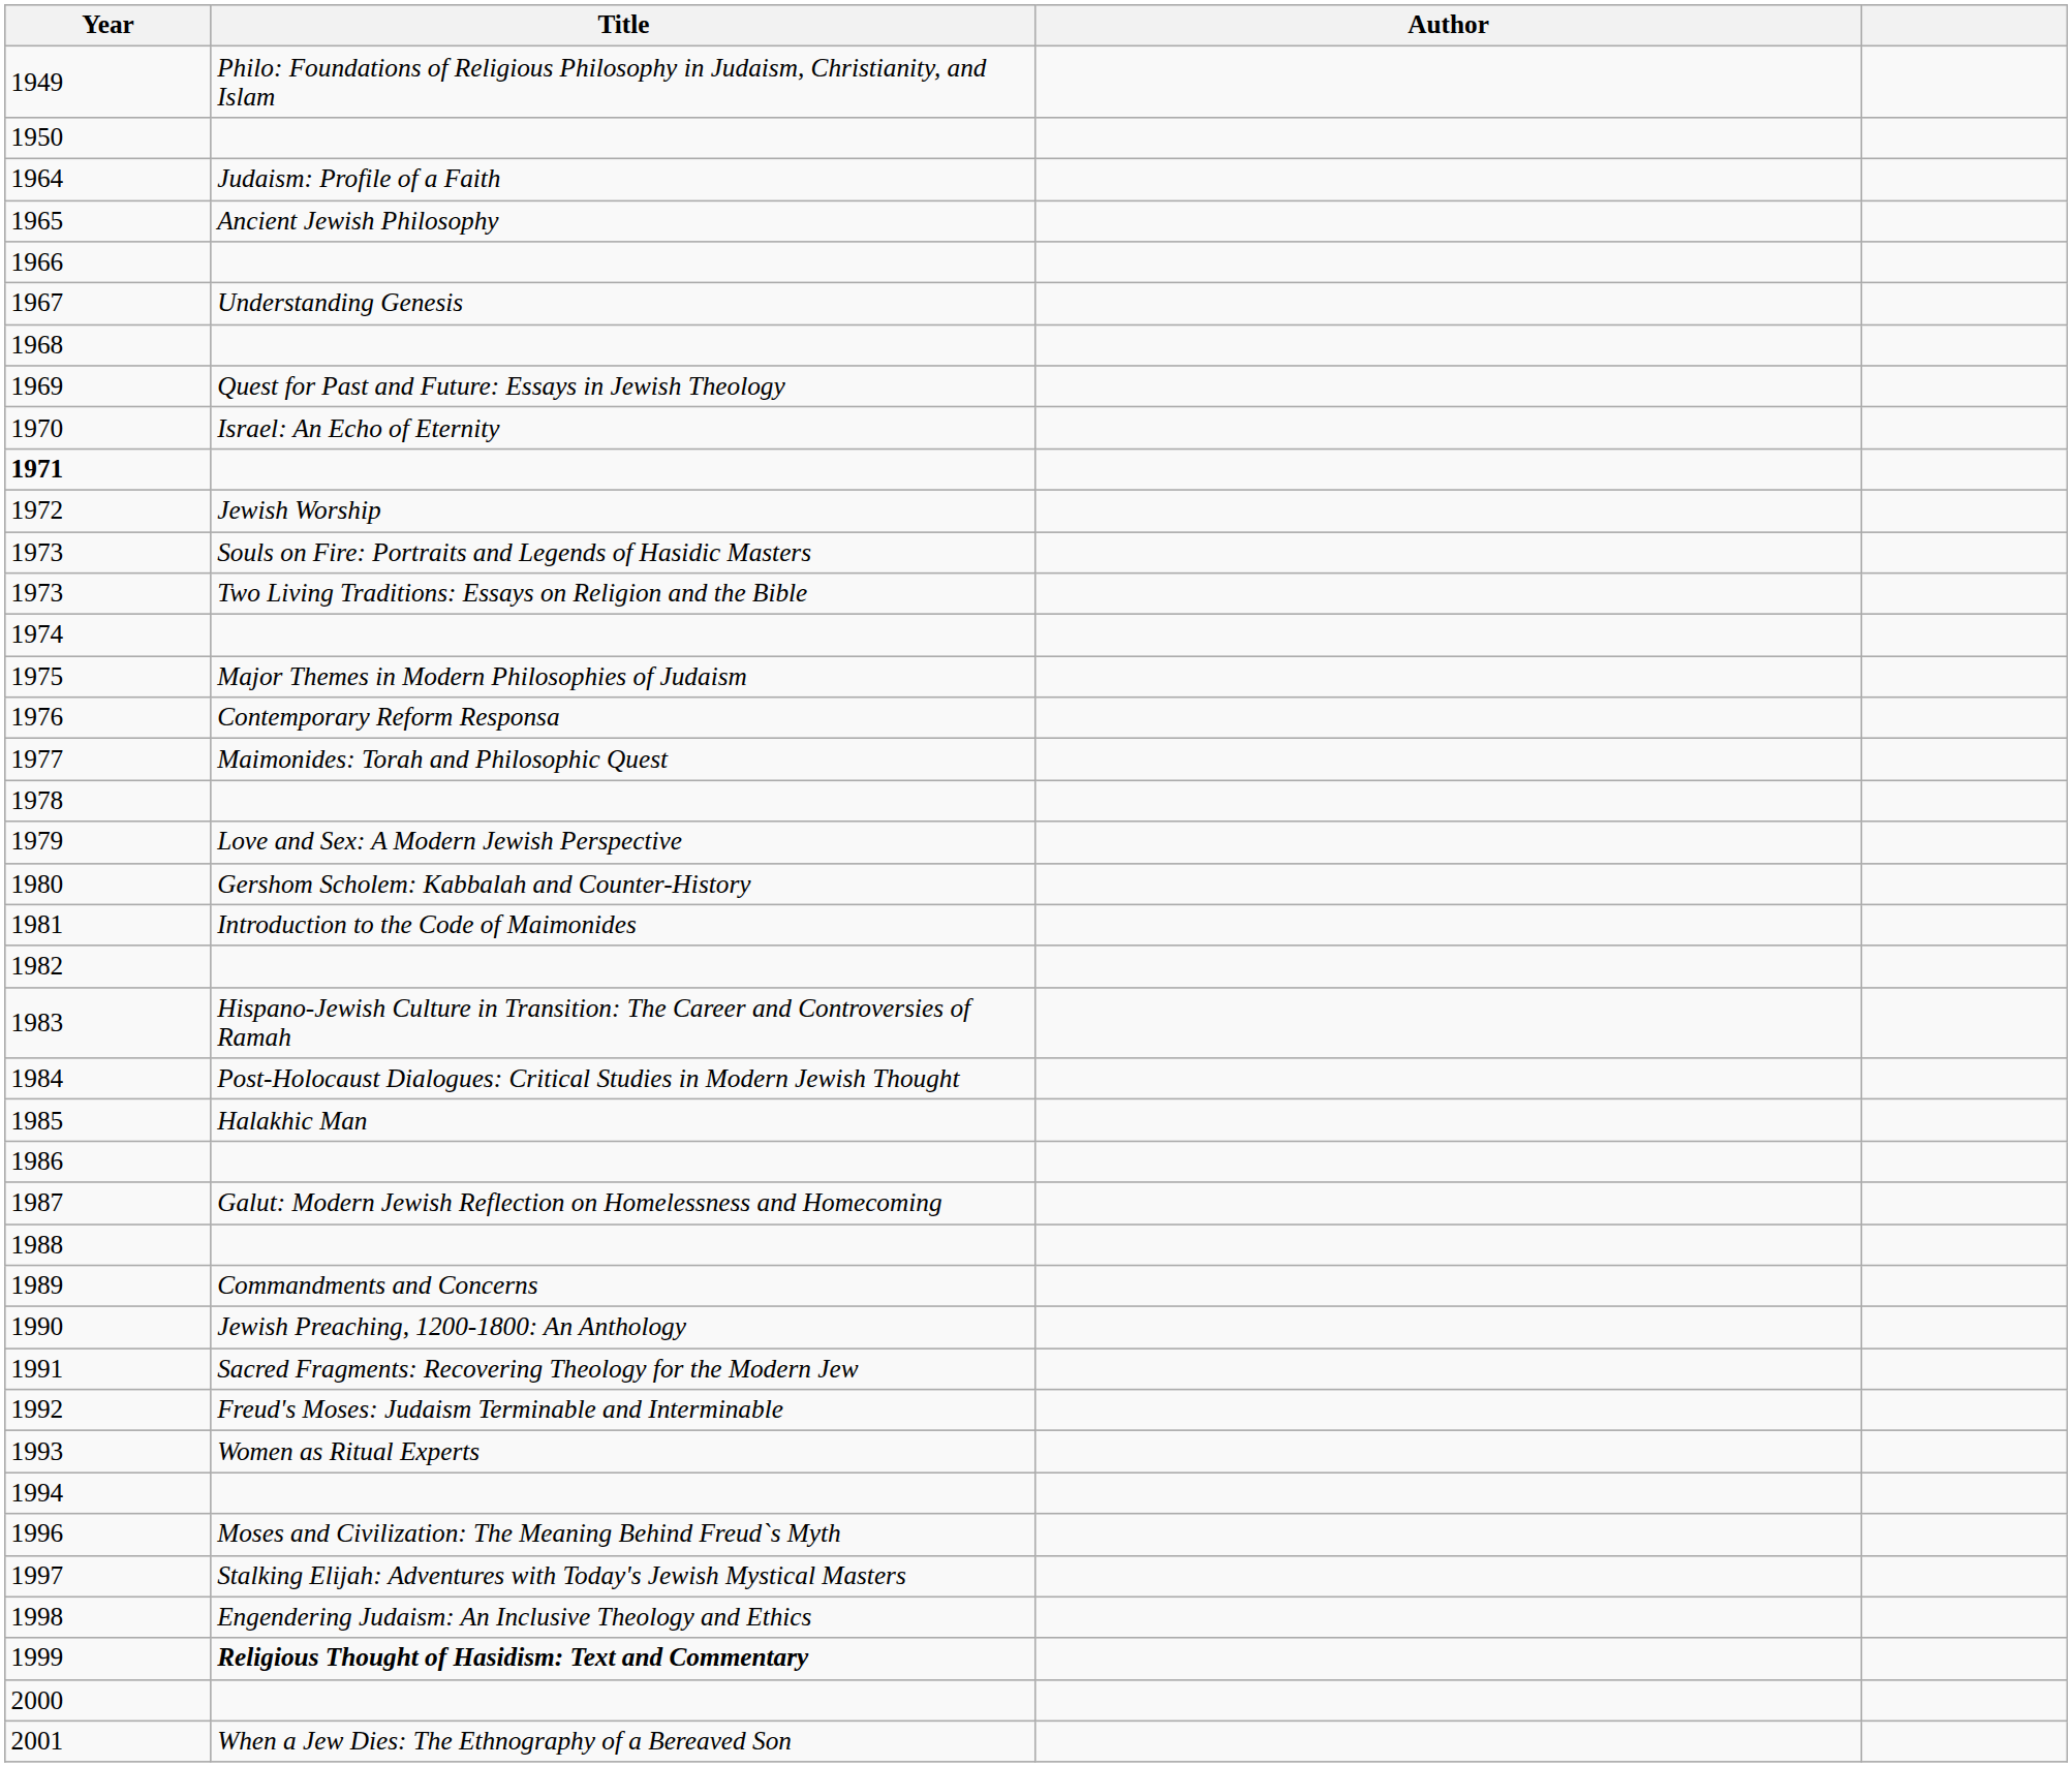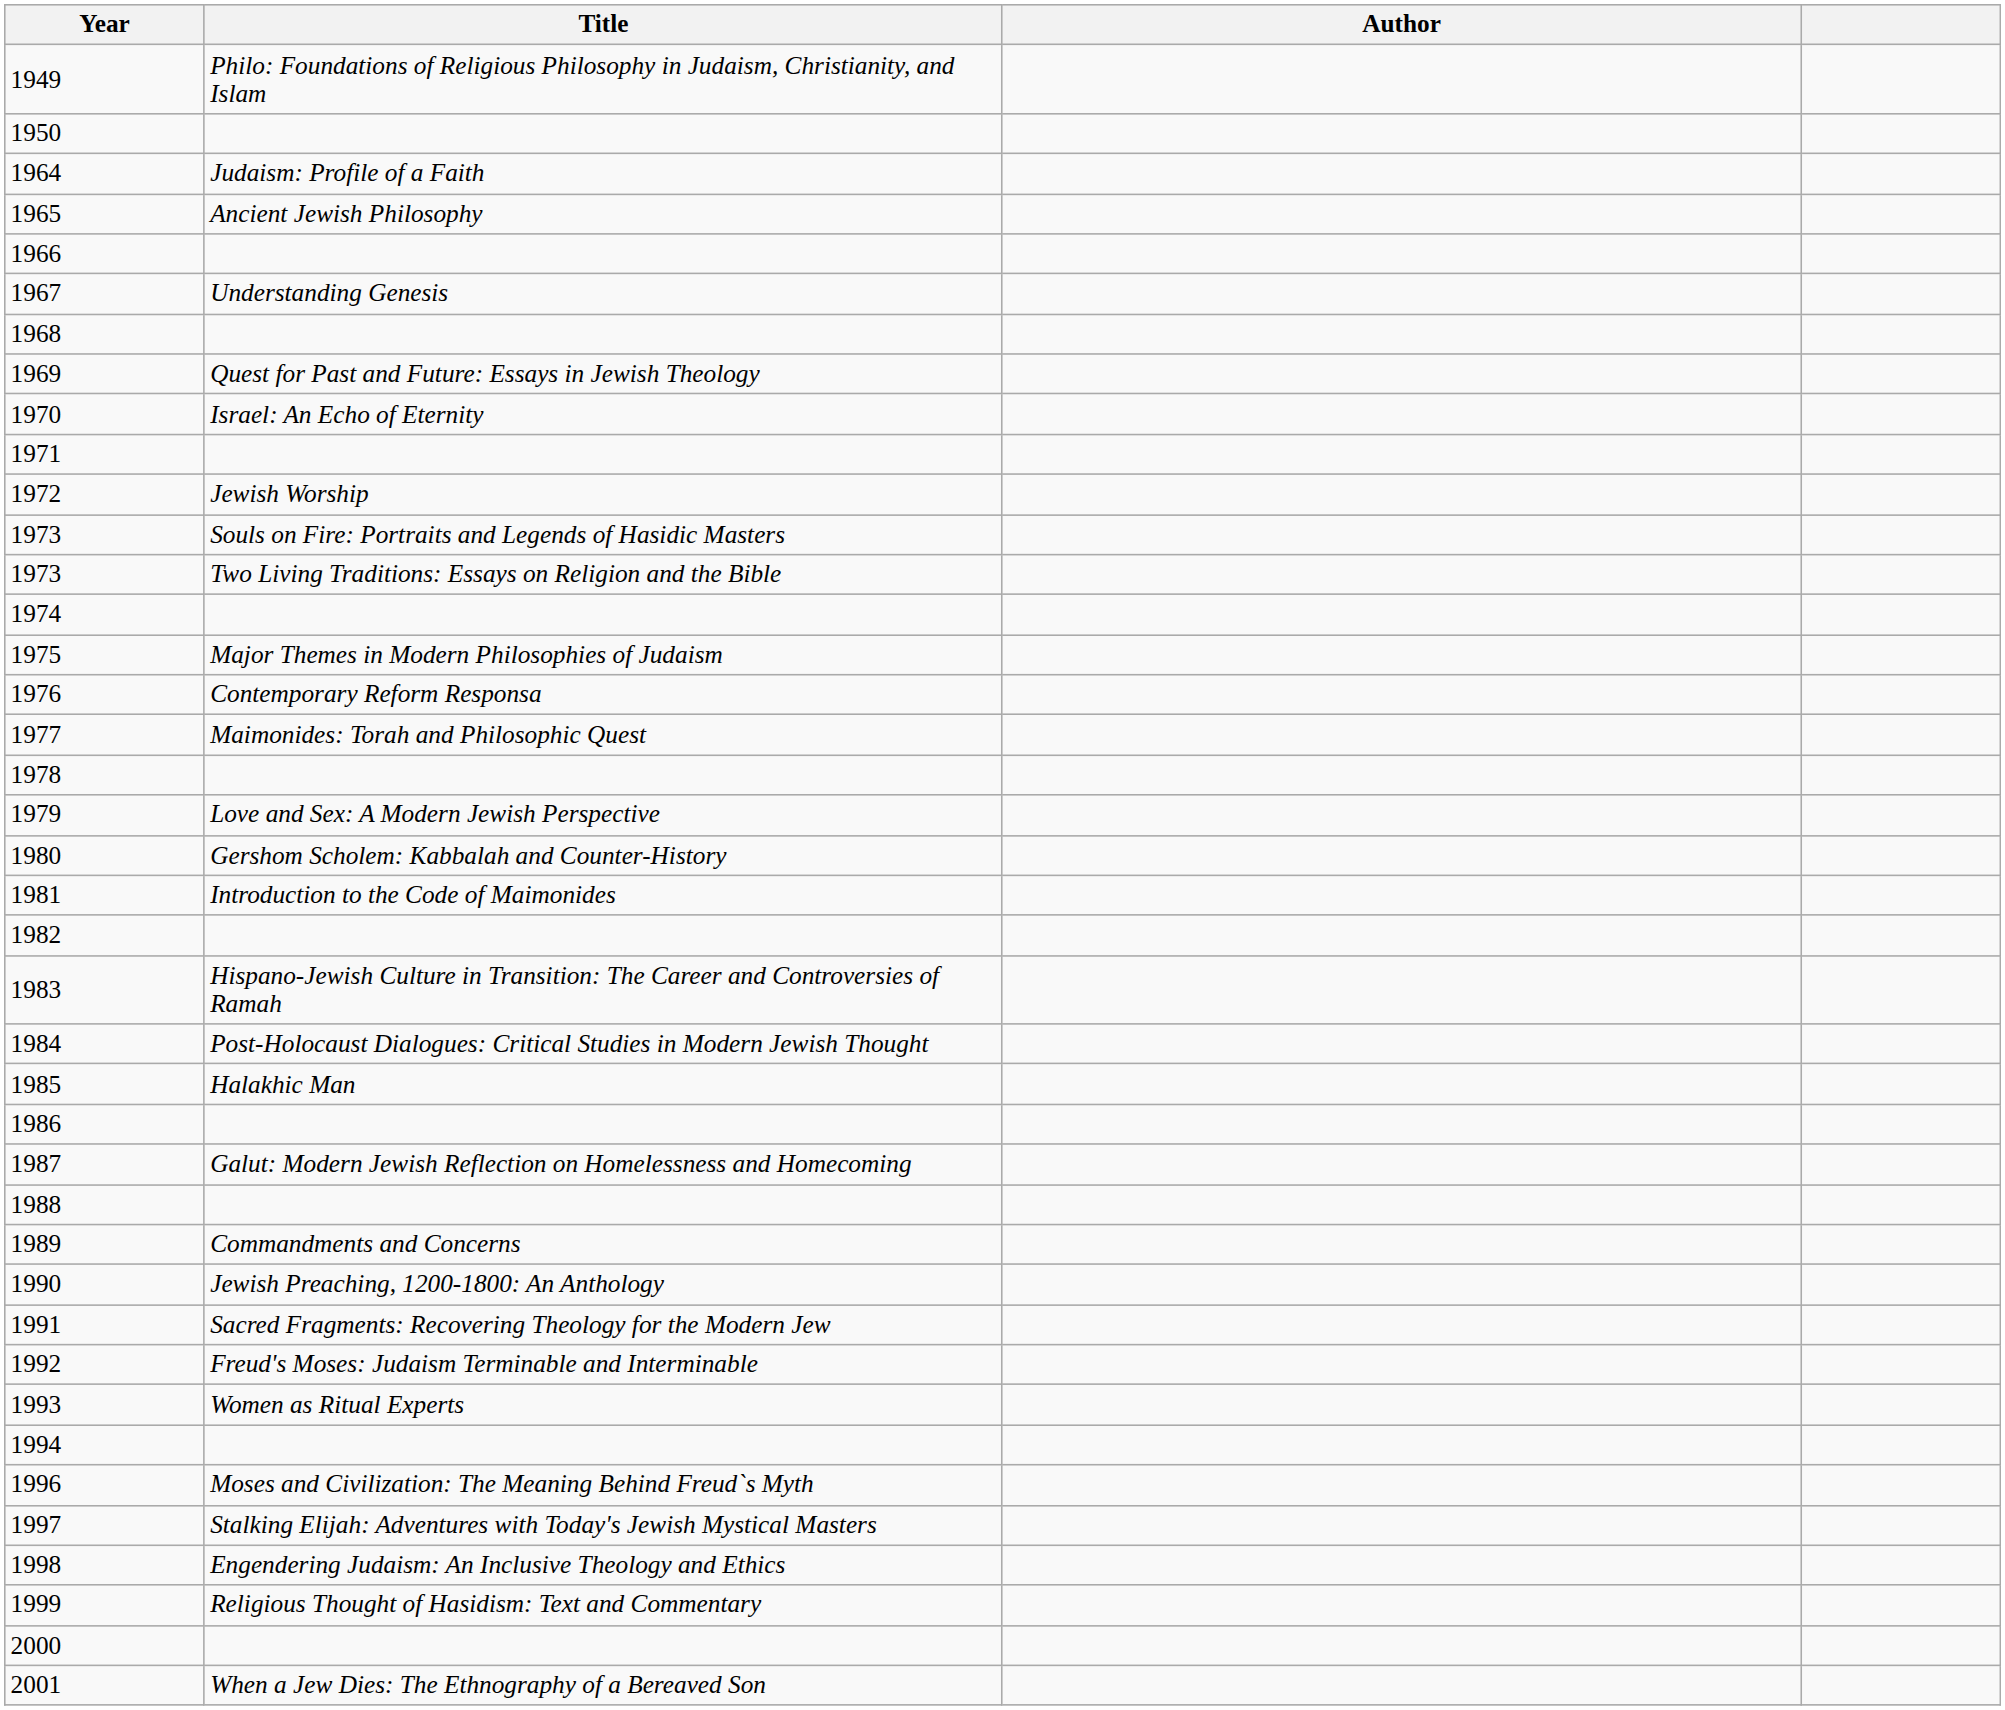 <table class="wikitable sortable" style="width:100%">
 <tr>
 <th scope="col" style="width:10%">Year</th>
 <th scope="col" style="width:40%">Title</th>
 <th scope="col" style="width:40%">Author</th>
 <th scope="col" style="width:10%"></th>
 </tr>
 <tr>
 <td>1949</td>
 <td><em>Philo: Foundations of Religious Philosophy in Judaism, Christianity, and Islam</em></td>
 <td></td>
 <td></td>
 </tr>
 <tr>
 <td>1950</td>
 <td><em></em></td>
 <td></td>
 <td></td>
 </tr>
 <tr>
 <td>1964</td>
 <td><em>Judaism: Profile of a Faith</em></td>
 <td></td>
 <td></td>
 </tr>
 <tr>
 <td>1965</td>
 <td><em>Ancient Jewish Philosophy</em></td>
 <td></td>
 <td></td>
 </tr>
 <tr>
 <td>1966</td>
 <td><em></em></td>
 <td></td>
 <td></td>
 </tr>
 <tr>
 <td>1967</td>
 <td><em>Understanding Genesis</em></td>
 <td></td>
 <td></td>
 </tr>
 <tr>
 <td>1968</td>
 <td><em></em></td>
 <td></td>
 <td></td>
 </tr>
 <tr>
 <td>1969</td>
 <td><em>Quest for Past and Future: Essays in Jewish Theology</em></td>
 <td></td>
 <td></td>
 </tr>
 <tr>
 <td>1970</td>
 <td><em>Israel: An Echo of Eternity</em></td>
 <td></td>
 <td></td>
 </tr>
 <tr>
-<td><strong>1971</strong></td>
+<td>1971</td>
 <td><em></em></td>
 <td></td>
 <td></td>
 </tr>
 <tr>
 <td>1972</td>
 <td><em>Jewish Worship</em></td>
 <td></td>
 <td></td>
 </tr>
 <tr>
 <td>1973</td>
 <td><em>Souls on Fire: Portraits and Legends of Hasidic Masters</em></td>
 <td></td>
 <td></td>
 </tr>
 <tr>
 <td>1973</td>
 <td><em>Two Living Traditions: Essays on Religion and the Bible</em></td>
 <td></td>
 <td></td>
 </tr>
 <tr>
 <td>1974</td>
 <td><em></em></td>
 <td></td>
 <td></td>
 </tr>
 <tr>
 <td>1975</td>
 <td><em>Major Themes in Modern Philosophies of Judaism</em></td>
 <td></td>
 <td></td>
 </tr>
 <tr>
 <td>1976</td>
 <td><em>Contemporary Reform Responsa</em></td>
 <td></td>
 <td></td>
 </tr>
 <tr>
 <td>1977</td>
 <td><em>Maimonides: Torah and Philosophic Quest</em></td>
 <td></td>
 <td></td>
 </tr>
 <tr>
 <td>1978</td>
 <td><em></em></td>
 <td></td>
 <td></td>
 </tr>
 <tr>
 <td>1979</td>
 <td><em>Love and Sex: A Modern Jewish Perspective</em></td>
 <td></td>
 <td></td>
 </tr>
 <tr>
 <td>1980</td>
 <td><em>Gershom Scholem: Kabbalah and Counter-History</em></td>
 <td></td>
 <td></td>
 </tr>
 <tr>
 <td>1981</td>
 <td><em>Introduction to the Code of Maimonides</em></td>
 <td></td>
 <td></td>
 </tr>
 <tr>
 <td>1982</td>
 <td><em></em></td>
 <td></td>
 <td></td>
 </tr>
 <tr>
 <td>1983</td>
 <td><em>Hispano-Jewish Culture in Transition: The Career and Controversies of Ramah</em></td>
 <td></td>
 <td></td>
 </tr>
 <tr>
 <td>1984</td>
 <td><em>Post-Holocaust Dialogues: Critical Studies in Modern Jewish Thought</em></td>
 <td></td>
 <td></td>
 </tr>
 <tr>
 <td>1985</td>
 <td><em>Halakhic Man</em></td>
 <td></td>
 <td></td>
 </tr>
 <tr>
 <td>1986</td>
 <td><em></em></td>
 <td></td>
 <td></td>
 </tr>
 <tr>
 <td>1987</td>
 <td><em>Galut: Modern Jewish Reflection on Homelessness and Homecoming</em></td>
 <td></td>
 <td></td>
 </tr>
 <tr>
 <td>1988</td>
 <td><em></em></td>
 <td></td>
 <td></td>
 </tr>
 <tr>
 <td>1989</td>
 <td><em>Commandments and Concerns</em></td>
 <td></td>
 <td></td>
 </tr>
 <tr>
 <td>1990</td>
 <td><em>Jewish Preaching, 1200-1800: An Anthology</em></td>
 <td></td>
 <td></td>
 </tr>
 <tr>
 <td>1991</td>
 <td><em>Sacred Fragments: Recovering Theology for the Modern Jew</em></td>
 <td></td>
 <td></td>
 </tr>
 <tr>
 <td>1992</td>
 <td><em>Freud's Moses: Judaism Terminable and Interminable</em></td>
 <td></td>
 <td></td>
 </tr>
 <tr>
 <td>1993</td>
 <td><em>Women as Ritual Experts</em></td>
 <td></td>
 <td></td>
 </tr>
 <tr>
 <td>1994</td>
 <td><em></em></td>
 <td></td>
 <td></td>
 </tr>
 <tr>
 <td>1996</td>
 <td><em>Moses and Civilization: The Meaning Behind Freud`s Myth</em></td>
 <td></td>
 <td></td>
 </tr>
 <tr>
 <td>1997</td>
 <td><em>Stalking Elijah: Adventures with Today's Jewish Mystical Masters</em></td>
 <td></td>
 <td></td>
 </tr>
 <tr>
 <td>1998</td>
 <td><em>Engendering Judaism: An Inclusive Theology and Ethics</em></td>
 <td></td>
 <td></td>
 </tr>
 <tr>
 <td>1999</td>
-<td><strong><em>Religious Thought of Hasidism: Text and Commentary</em></strong></td>
+<td><em>Religious Thought of Hasidism: Text and Commentary</em></td>
 <td></td>
 <td></td>
 </tr>
 <tr>
 <td>2000</td>
 <td><em></em></td>
 <td></td>
 <td></td>
 </tr>
 <tr>
 <td>2001</td>
 <td><em>When a Jew Dies: The Ethnography of a Bereaved Son</em></td>
 <td></td>
 <td></td>
 </tr>
 </table>
